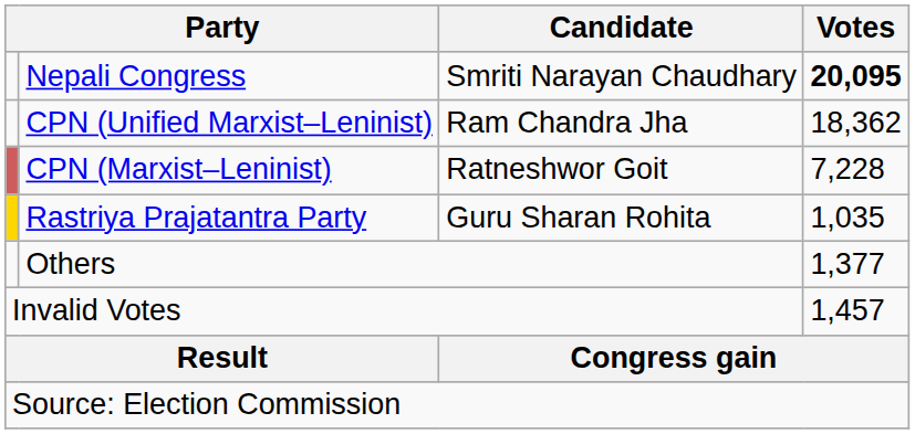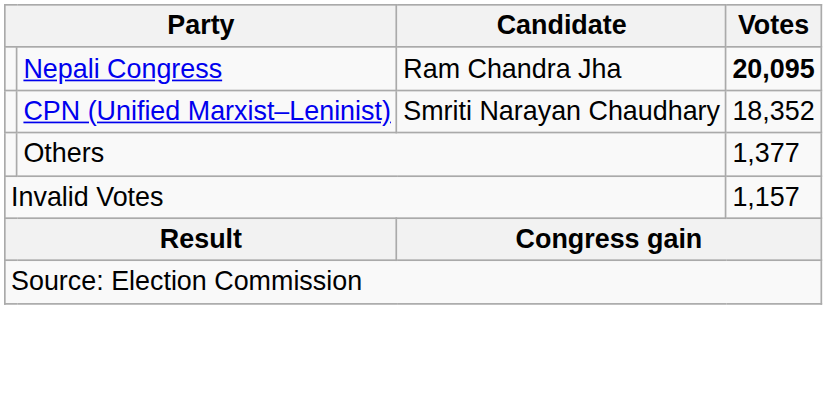 <table class="wikitable">
 <tr>
 <th colspan="2">Party</th>
 <th>Candidate</th>
 <th>Votes</th>
 </tr>
 <tr>
 <td style="background-color:"></td>
 <td><a href='#'>Nepali Congress</a></td>
-<td>Smriti Narayan Chaudhary</td>
+<td>Ram Chandra Jha</td>
 <td><strong>20,095</strong></td>
 </tr>
 <tr>
 <td style="background-color:"></td>
 <td><a href='#'>CPN (Unified Marxist–Leninist)</a></td>
-<td>Ram Chandra Jha</td>
-<td>18,362</td>
-</tr>
-<tr>
-<td style="background-color:indianred"></td>
-<td><a href='#'>CPN (Marxist–Leninist)</a></td>
-<td>Ratneshwor Goit</td>
-<td>7,228</td>
-</tr>
-<tr>
-<td style="background-color:gold"></td>
-<td><a href='#'>Rastriya Prajatantra Party</a></td>
-<td>Guru Sharan Rohita</td>
-<td>1,035</td>
+<td>Smriti Narayan Chaudhary</td>
+<td>18,352</td>
 </tr>
 <tr>
 <td></td>
 <td colspan="2">Others</td>
 <td>1,377</td>
 </tr>
 <tr>
 <td colspan="3">Invalid Votes</td>
-<td>1,457</td>
+<td>1,157</td>
 </tr>
 <tr>
 <th colspan="2">Result</th>
 <th colspan="2">Congress gain</th>
 </tr>
 <tr>
 <td colspan="4">Source: Election Commission</td>
 </tr>
 </table>
